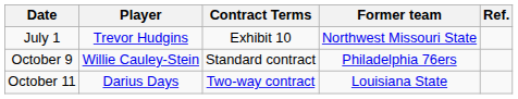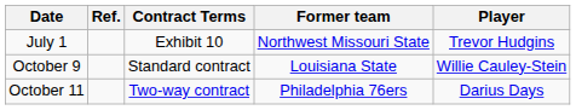 <table class="wikitable sortable sortable" style="text-align: center">
 <tr>
 <th>Date</th>
-<th>Player</th>
+<th>Ref.</th>
 <th>Contract Terms</th>
 <th>Former team</th>
-<th>Ref.</th>
+<th>Player</th>
 </tr>
 <tr>
 <td>July 1</td>
-<td><a href='#'>Trevor Hudgins</a></td>
+<td></td>
 <td>Exhibit 10</td>
 <td><a href='#'>Northwest Missouri State</a></td>
-<td></td>
+<td><a href='#'>Trevor Hudgins</a></td>
 </tr>
 <tr>
 <td>October 9</td>
+<td></td>
+<td>Standard contract</td>
+<td><a href='#'>Louisiana State</a></td>
 <td><a href='#'>Willie Cauley-Stein</a></td>
-<td>Standard contract</td>
-<td><a href='#'>Philadelphia 76ers</a></td>
-<td></td>
 </tr>
 <tr>
 <td>October 11</td>
+<td></td>
+<td><a href='#'>Two-way contract</a></td>
+<td><a href='#'>Philadelphia 76ers</a></td>
 <td><a href='#'>Darius Days</a></td>
-<td><a href='#'>Two-way contract</a></td>
-<td><a href='#'>Louisiana State</a></td>
-<td></td>
 </tr>
 </table>
